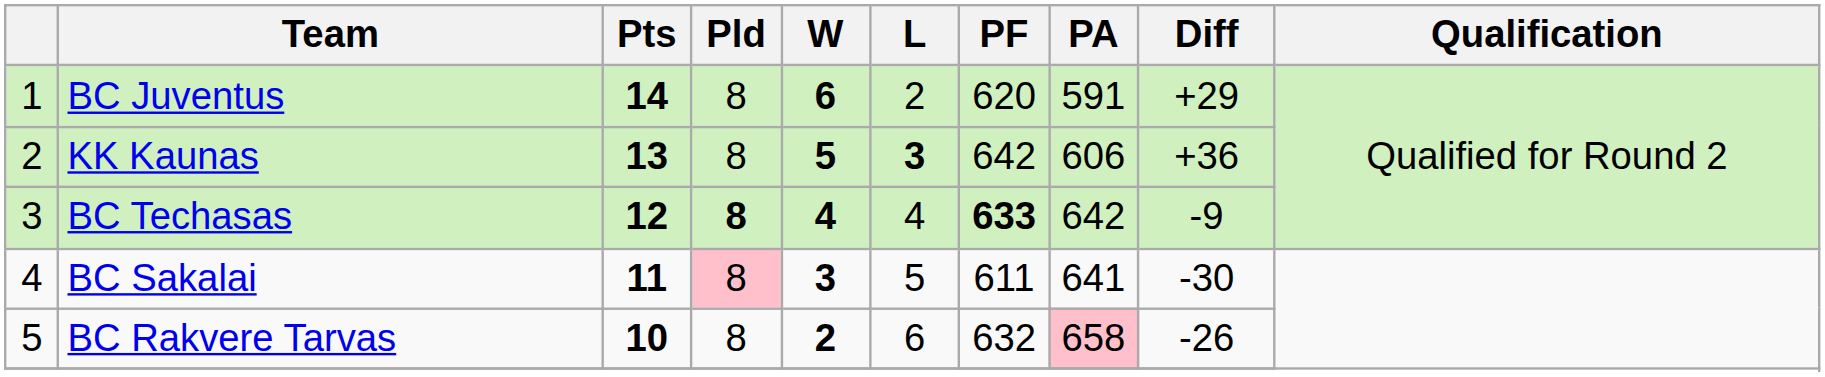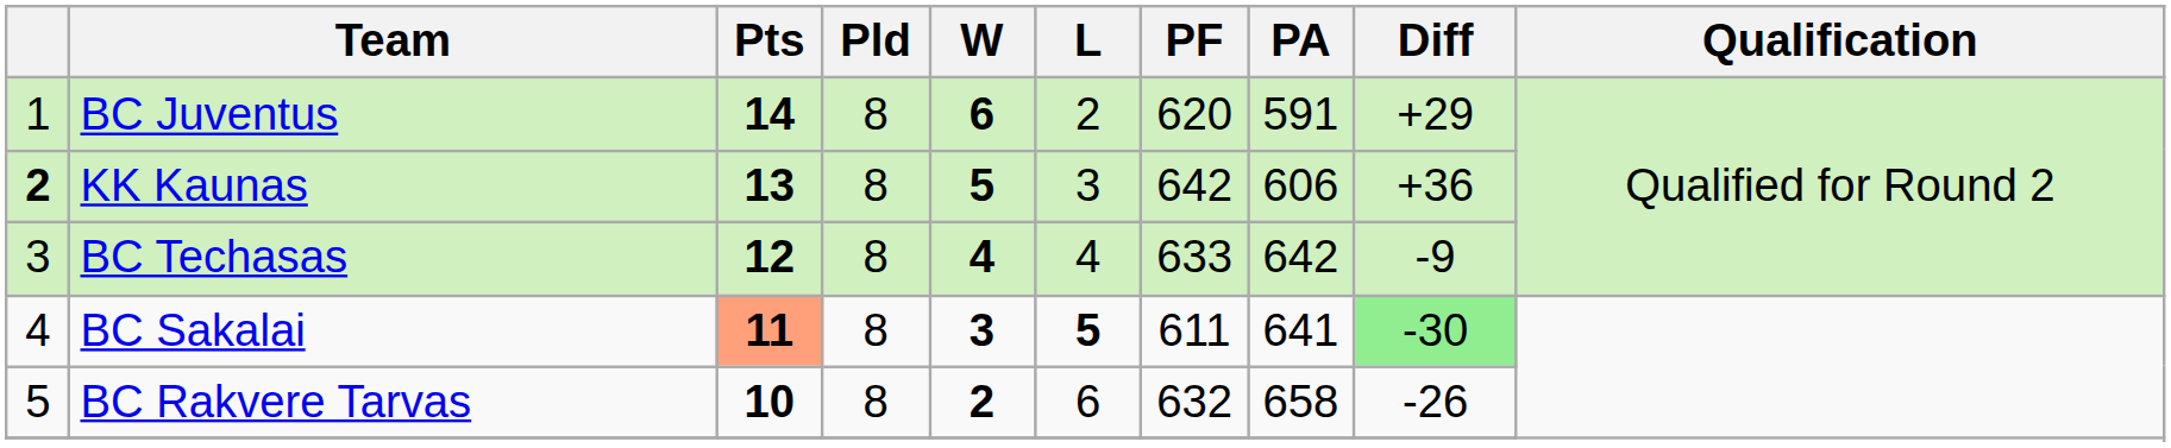 <table class="wikitable" style="text-align: center;">
 <tr>
 <th width=15></th>
 <th width=220>Team</th>
 <th width=30>Pts</th>
 <th width=30>Pld</th>
 <th width=30>W</th>
 <th width=30>L</th>
 <th width=30>PF</th>
 <th width=30>PA</th>
 <th width=50>Diff</th>
 <th width=220>Qualification</th>
 </tr>
 <tr bgcolor=D0F0C0>
 <td>1</td>
 <td align="left"> <a href='#'>BC Juventus</a></td>
 <td><strong>14</strong></td>
 <td>8</td>
 <td><strong>6</strong></td>
 <td>2</td>
 <td>620</td>
 <td>591</td>
 <td>+29</td>
 <td rowspan=3 align="center">Qualified for Round 2</td>
 </tr>
 <tr bgcolor=D0F0C0>
-<td>2</td>
+<td><strong>2</strong></td>
 <td align="left"> <a href='#'>KK Kaunas</a></td>
 <td><strong>13</strong></td>
 <td>8</td>
 <td><strong>5</strong></td>
-<td><strong>3</strong></td>
+<td>3</td>
 <td>642</td>
 <td>606</td>
 <td>+36</td>
 </tr>
 <tr bgcolor=D0F0C0>
 <td>3</td>
 <td align="left"> <a href='#'>BC Techasas</a></td>
 <td><strong>12</strong></td>
-<td><strong>8</strong></td>
+<td>8</td>
 <td><strong>4</strong></td>
 <td>4</td>
-<td><strong>633</strong></td>
+<td>633</td>
 <td>642</td>
 <td>-9</td>
 </tr>
 <tr>
 <td>4</td>
 <td align="left"> <a href='#'>BC Sakalai</a></td>
-<td><strong>11</strong></td>
-<td style="background: pink;">8</td>
+<td style="background: lightsalmon;"><strong>11</strong></td>
+<td>8</td>
 <td><strong>3</strong></td>
-<td>5</td>
+<td><strong>5</strong></td>
 <td>611</td>
 <td>641</td>
-<td>-30</td>
+<td style="background: lightgreen;">-30</td>
 </tr>
 <tr>
 <td>5</td>
 <td align="left"> <a href='#'>BC Rakvere Tarvas</a></td>
 <td><strong>10</strong></td>
 <td>8</td>
 <td><strong>2</strong></td>
 <td>6</td>
 <td>632</td>
-<td style="background: pink;">658</td>
+<td>658</td>
 <td>-26</td>
 </tr>
 <tr>
 </tr>
 </table>
